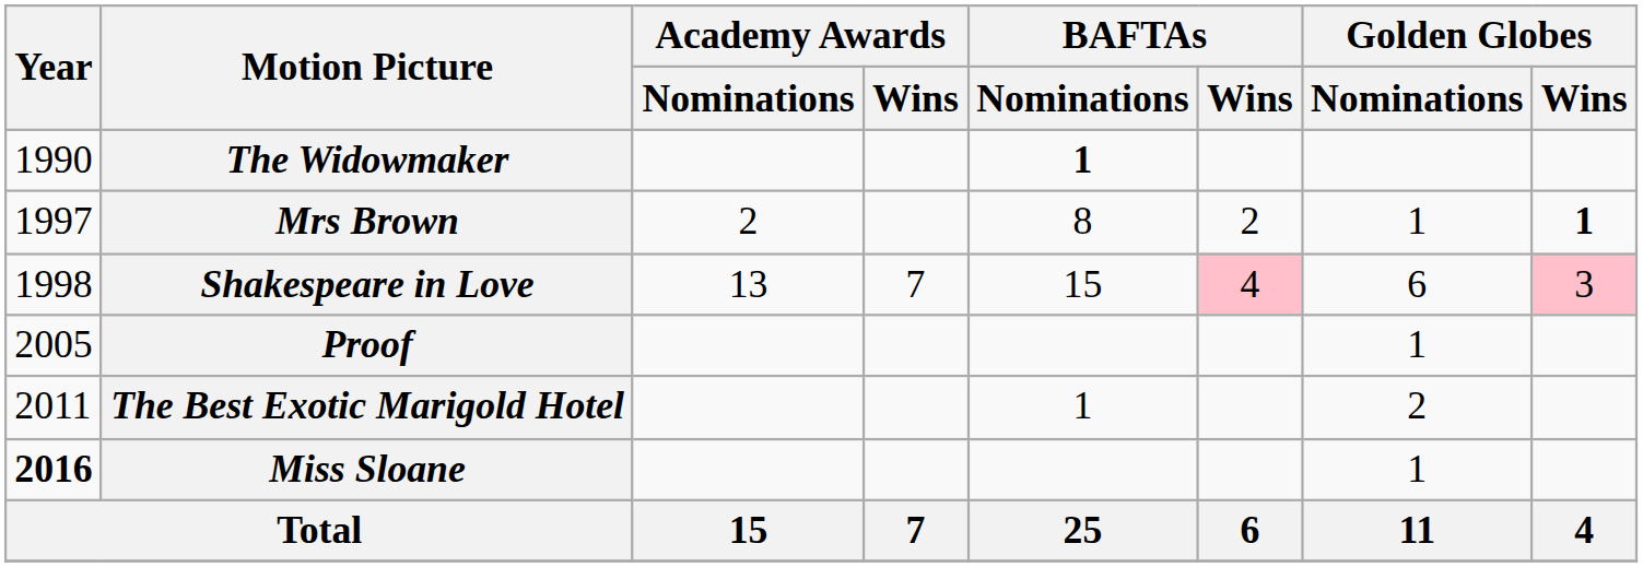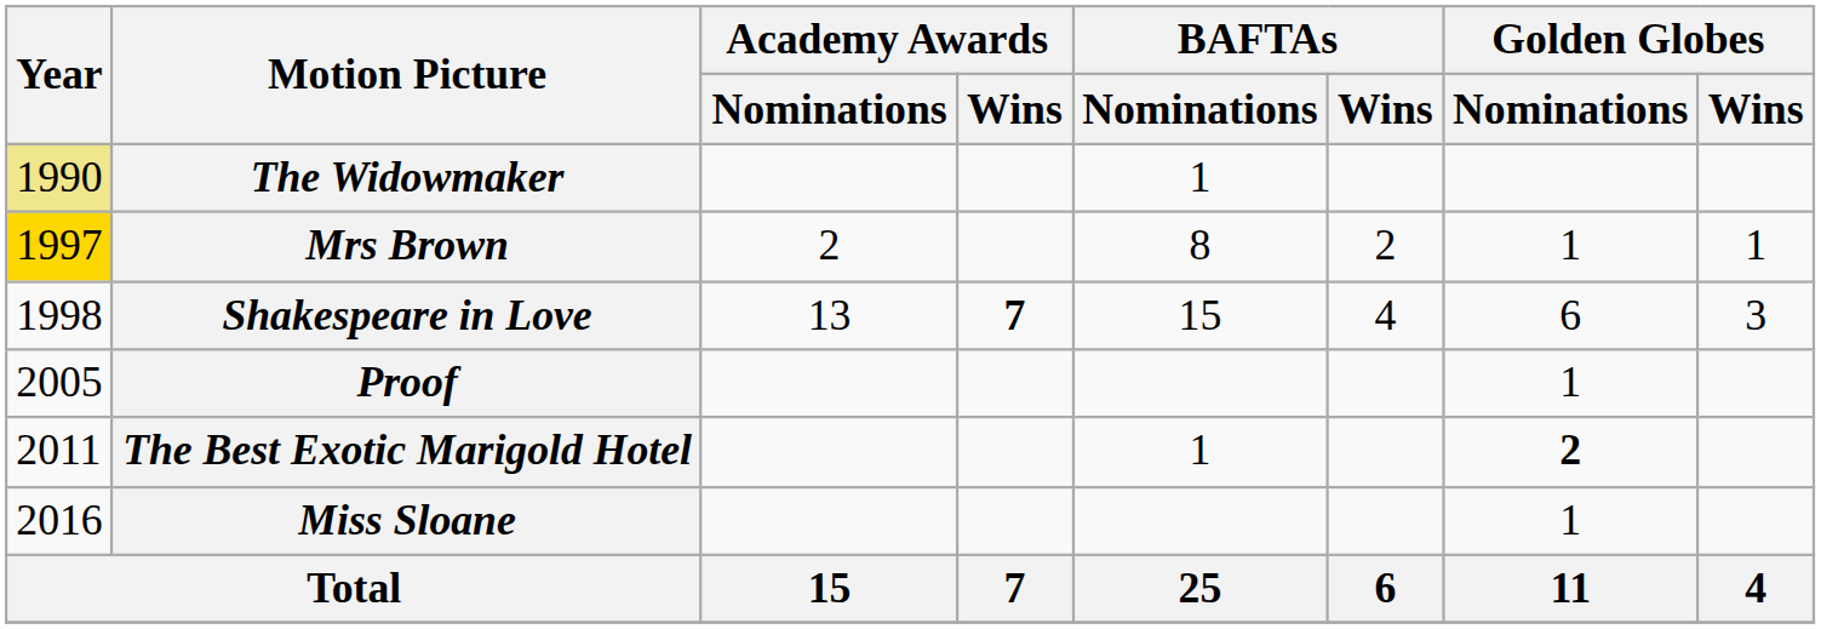 <table class="wikitable plainrowheaders">
 <tr>
 <th rowspan="2">Year</th>
 <th rowspan="2">Motion Picture</th>
 <th colspan="2">Academy Awards</th>
 <th colspan="2">BAFTAs</th>
 <th colspan="2">Golden Globes</th>
 </tr>
 <tr>
 <th>Nominations</th>
 <th>Wins</th>
 <th>Nominations</th>
 <th>Wins</th>
 <th>Nominations</th>
 <th>Wins</th>
 </tr>
 <tr>
-<td>1990</td>
+<td style="background: khaki;">1990</td>
 <th scope="row"><em>The Widowmaker</em></th>
 <td></td>
 <td></td>
-<td align=center><strong>1</strong></td>
+<td align=center>1</td>
 <td></td>
 <td></td>
 <td></td>
 </tr>
 <tr>
-<td>1997</td>
+<td style="background: gold;">1997</td>
 <th scope="row"><em>Mrs Brown</em></th>
 <td align=center>2</td>
 <td></td>
 <td align=center>8</td>
 <td align=center>2</td>
 <td align=center>1</td>
-<td align=center><strong>1</strong></td>
+<td align=center>1</td>
 </tr>
 <tr>
 <td>1998</td>
 <th scope="row"><em>Shakespeare in Love</em></th>
 <td align=center>13</td>
-<td align=center>7</td>
+<td align=center><strong>7</strong></td>
 <td align=center>15</td>
-<td align=center style="background: pink;">4</td>
+<td align=center>4</td>
 <td align=center>6</td>
-<td align=center style="background: pink;">3</td>
+<td align=center>3</td>
 </tr>
 <tr>
 <td>2005</td>
 <th scope="row"><em>Proof</em></th>
 <td></td>
 <td></td>
 <td></td>
 <td></td>
 <td align=center>1</td>
 <td></td>
 </tr>
 <tr>
 <td>2011</td>
 <th scope="row"><em>The Best Exotic Marigold Hotel</em></th>
 <td></td>
 <td></td>
 <td align=center>1</td>
 <td></td>
-<td align=center>2</td>
+<td align=center><strong>2</strong></td>
 <td></td>
 </tr>
 <tr>
-<td><strong>2016</strong></td>
+<td>2016</td>
 <th scope="row"><em>Miss Sloane</em></th>
 <td></td>
 <td></td>
 <td></td>
 <td></td>
 <td align=center>1</td>
 <td></td>
 </tr>
 <tr>
 <th colspan="2">Total</th>
 <th>15</th>
 <th>7</th>
 <th>25</th>
 <th>6</th>
 <th>11</th>
 <th>4</th>
 </tr>
 <tr>
 </tr>
 </table>
